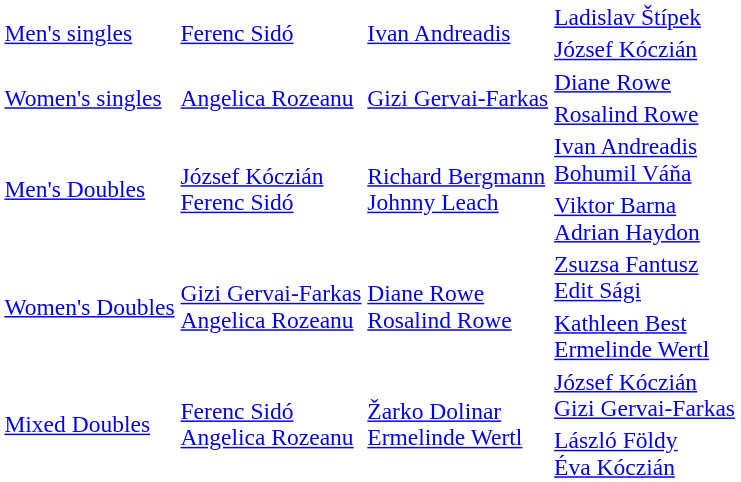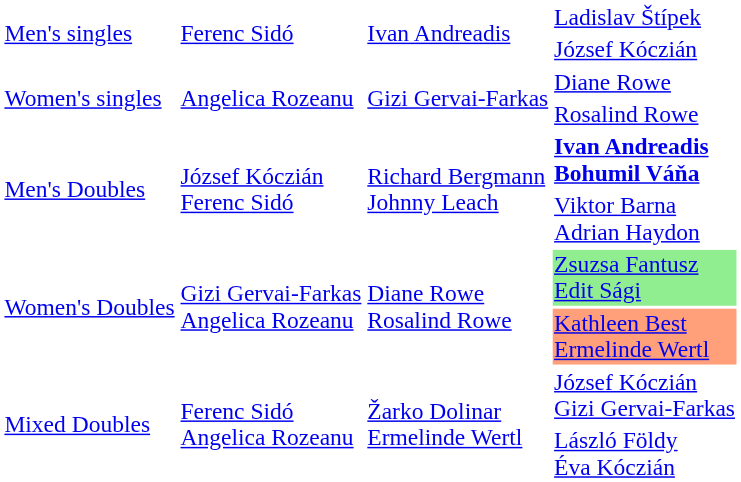 <table>
 <tr>
 <td rowspan=2><a href='#'>Men's singles</a></td>
 <td rowspan=2> <a href='#'>Ferenc Sidó</a></td>
 <td rowspan=2> <a href='#'>Ivan Andreadis</a></td>
 <td> <a href='#'>Ladislav Štípek</a></td>
 </tr>
 <tr>
 <td> <a href='#'>József Kóczián</a></td>
 </tr>
 <tr>
 <td rowspan=2><a href='#'>Women's singles</a></td>
 <td rowspan=2> <a href='#'>Angelica Rozeanu</a></td>
 <td rowspan=2> <a href='#'>Gizi Gervai-Farkas</a></td>
 <td> <a href='#'>Diane Rowe</a></td>
 </tr>
 <tr>
 <td> <a href='#'>Rosalind Rowe</a></td>
 </tr>
 <tr>
 <td rowspan=2><a href='#'>Men's Doubles</a></td>
 <td rowspan=2> <a href='#'>József Kóczián</a><br> <a href='#'>Ferenc Sidó</a></td>
 <td rowspan=2> <a href='#'>Richard Bergmann</a><br> <a href='#'>Johnny Leach</a></td>
-<td> <a href='#'>Ivan Andreadis</a><br> <a href='#'>Bohumil Váňa</a></td>
+<td><strong> <a href='#'>Ivan Andreadis</a><br> <a href='#'>Bohumil Váňa</a></strong></td>
 </tr>
 <tr>
 <td> <a href='#'>Viktor Barna</a><br> <a href='#'>Adrian Haydon</a></td>
 </tr>
 <tr>
 <td rowspan=2><a href='#'>Women's Doubles</a></td>
 <td rowspan=2> <a href='#'>Gizi Gervai-Farkas</a><br> <a href='#'>Angelica Rozeanu</a></td>
 <td rowspan=2> <a href='#'>Diane Rowe</a><br> <a href='#'>Rosalind Rowe</a></td>
-<td> <a href='#'>Zsuzsa Fantusz</a><br> <a href='#'>Edit Sági</a></td>
+<td style="background: lightgreen;"> <a href='#'>Zsuzsa Fantusz</a><br> <a href='#'>Edit Sági</a></td>
 </tr>
 <tr>
-<td> <a href='#'>Kathleen Best</a><br> <a href='#'>Ermelinde Wertl</a></td>
+<td style="background: lightsalmon;"> <a href='#'>Kathleen Best</a><br> <a href='#'>Ermelinde Wertl</a></td>
 </tr>
 <tr>
 <td rowspan=2><a href='#'>Mixed Doubles</a></td>
 <td rowspan=2> <a href='#'>Ferenc Sidó</a><br> <a href='#'>Angelica Rozeanu</a></td>
 <td rowspan=2> <a href='#'>Žarko Dolinar</a><br> <a href='#'>Ermelinde Wertl</a></td>
 <td> <a href='#'>József Kóczián</a><br> <a href='#'>Gizi Gervai-Farkas</a></td>
 </tr>
 <tr>
 <td> <a href='#'>László Földy</a><br> <a href='#'>Éva Kóczián</a></td>
 </tr>
 </table>
